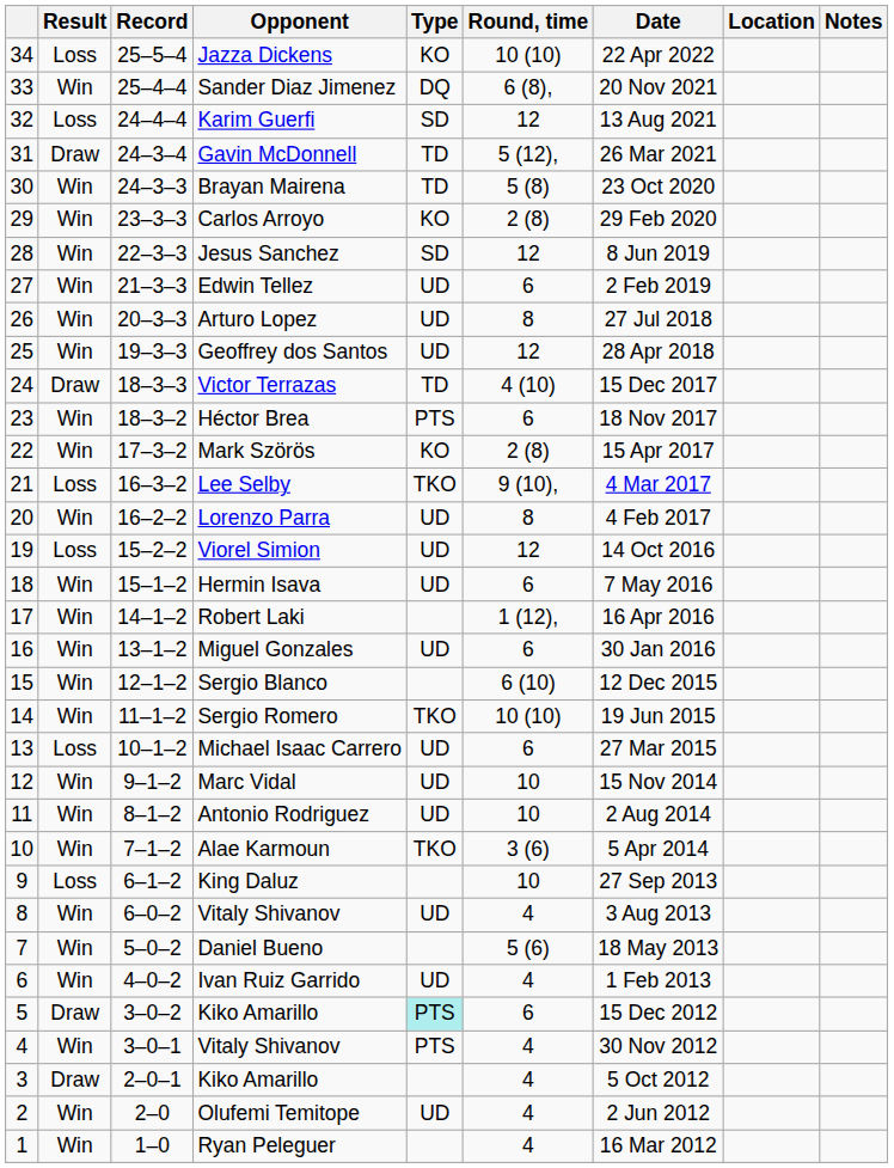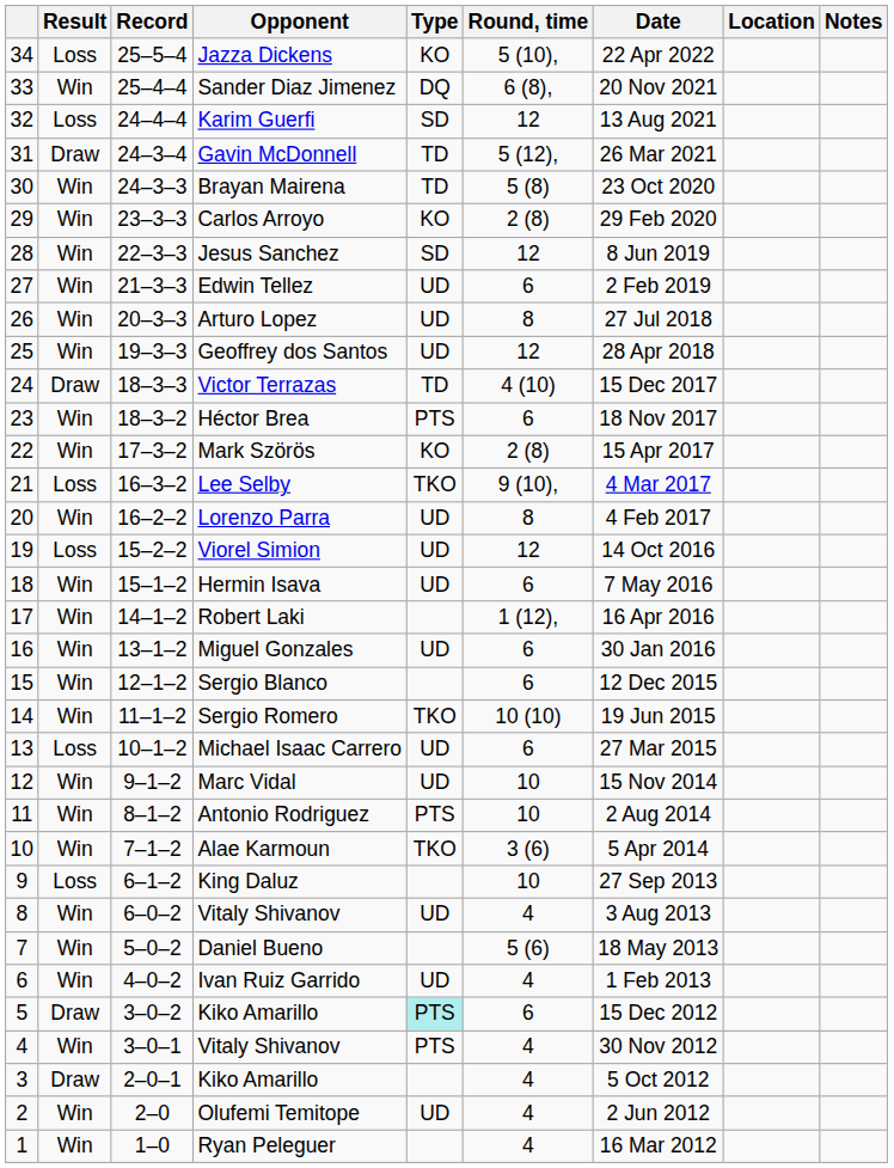 <table class="wikitable" style="text-align:center">
 <tr>
 <th></th>
 <th>Result</th>
 <th>Record</th>
 <th>Opponent</th>
 <th>Type</th>
 <th>Round, time</th>
 <th>Date</th>
 <th>Location</th>
 <th>Notes</th>
 </tr>
 <tr>
 <td>34</td>
 <td>Loss</td>
 <td>25–5–4</td>
 <td align=left><a href='#'>Jazza Dickens</a></td>
 <td>KO</td>
-<td>10 (10)</td>
+<td>5 (10), </td>
 <td>22 Apr 2022</td>
 <td align=left></td>
 <td></td>
 </tr>
 <tr>
 <td>33</td>
 <td>Win</td>
 <td>25–4–4</td>
 <td align=left>Sander Diaz Jimenez</td>
 <td>DQ</td>
 <td>6 (8), </td>
 <td>20 Nov 2021</td>
 <td align=left></td>
 <td></td>
 </tr>
 <tr>
 <td>32</td>
 <td>Loss</td>
 <td>24–4–4</td>
 <td align=left><a href='#'>Karim Guerfi</a></td>
 <td>SD</td>
 <td>12</td>
 <td>13 Aug 2021</td>
 <td align=left></td>
 <td align=left></td>
 </tr>
 <tr>
 <td>31</td>
 <td>Draw</td>
 <td>24–3–4</td>
 <td align=left><a href='#'>Gavin McDonnell</a></td>
 <td>TD</td>
 <td>5 (12), </td>
 <td>26 Mar 2021</td>
 <td align=left></td>
 <td align=left></td>
 </tr>
 <tr>
 <td>30</td>
 <td>Win</td>
 <td>24–3–3</td>
 <td align=left>Brayan Mairena</td>
 <td>TD</td>
 <td>5 (8)</td>
 <td>23 Oct 2020</td>
 <td align=left></td>
 <td align=left></td>
 </tr>
 <tr>
 <td>29</td>
 <td>Win</td>
 <td>23–3–3</td>
 <td align=left>Carlos Arroyo</td>
 <td>KO</td>
 <td>2 (8)</td>
 <td>29 Feb 2020</td>
 <td align=left></td>
 <td></td>
 </tr>
 <tr>
 <td>28</td>
 <td>Win</td>
 <td>22–3–3</td>
 <td align=left>Jesus Sanchez</td>
 <td>SD</td>
 <td>12</td>
 <td>8 Jun 2019</td>
 <td align=left></td>
 <td align=left></td>
 </tr>
 <tr>
 <td>27</td>
 <td>Win</td>
 <td>21–3–3</td>
 <td align=left>Edwin Tellez</td>
 <td>UD</td>
 <td>6</td>
 <td>2 Feb 2019</td>
 <td align=left></td>
 <td></td>
 </tr>
 <tr>
 <td>26</td>
 <td>Win</td>
 <td>20–3–3</td>
 <td align=left>Arturo Lopez</td>
 <td>UD</td>
 <td>8</td>
 <td>27 Jul 2018</td>
 <td align=left></td>
 <td></td>
 </tr>
 <tr>
 <td>25</td>
 <td>Win</td>
 <td>19–3–3</td>
 <td align=left>Geoffrey dos Santos</td>
 <td>UD</td>
 <td>12</td>
 <td>28 Apr 2018</td>
 <td align=left></td>
 <td align=left></td>
 </tr>
 <tr>
 <td>24</td>
 <td>Draw</td>
 <td>18–3–3</td>
 <td align=left><a href='#'>Victor Terrazas</a></td>
 <td>TD</td>
 <td>4 (10)</td>
 <td>15 Dec 2017</td>
 <td align=left></td>
 <td align=left></td>
 </tr>
 <tr>
 <td>23</td>
 <td>Win</td>
 <td>18–3–2</td>
 <td align=left>Héctor Brea</td>
 <td>PTS</td>
 <td>6</td>
 <td>18 Nov 2017</td>
 <td align=left></td>
 <td></td>
 </tr>
 <tr>
 <td>22</td>
 <td>Win</td>
 <td>17–3–2</td>
 <td align=left>Mark Szörös</td>
 <td>KO</td>
 <td>2 (8)</td>
 <td>15 Apr 2017</td>
 <td align=left></td>
 <td></td>
 </tr>
 <tr>
 <td>21</td>
 <td>Loss</td>
 <td>16–3–2</td>
 <td align=left><a href='#'>Lee Selby</a></td>
 <td>TKO</td>
 <td>9 (10), </td>
 <td><a href='#'>4 Mar 2017</a></td>
 <td align=left></td>
 <td></td>
 </tr>
 <tr>
 <td>20</td>
 <td>Win</td>
 <td>16–2–2</td>
 <td align=left><a href='#'>Lorenzo Parra</a></td>
 <td>UD</td>
 <td>8</td>
 <td>4 Feb 2017</td>
 <td align=left></td>
 <td></td>
 </tr>
 <tr>
 <td>19</td>
 <td>Loss</td>
 <td>15–2–2</td>
 <td align=left><a href='#'>Viorel Simion</a></td>
 <td>UD</td>
 <td>12</td>
 <td>14 Oct 2016</td>
 <td align=left></td>
 <td align=left></td>
 </tr>
 <tr>
 <td>18</td>
 <td>Win</td>
 <td>15–1–2</td>
 <td align=left>Hermin Isava</td>
 <td>UD</td>
 <td>6</td>
 <td>7 May 2016</td>
 <td align=left></td>
 <td></td>
 </tr>
 <tr>
 <td>17</td>
 <td>Win</td>
 <td>14–1–2</td>
 <td align=left>Robert Laki</td>
 <td></td>
 <td>1 (12), </td>
 <td>16 Apr 2016</td>
 <td align=left></td>
 <td align=left></td>
 </tr>
 <tr>
 <td>16</td>
 <td>Win</td>
 <td>13–1–2</td>
 <td align=left>Miguel Gonzales</td>
 <td>UD</td>
 <td>6</td>
 <td>30 Jan 2016</td>
 <td align=left></td>
 <td></td>
 </tr>
 <tr>
 <td>15</td>
 <td>Win</td>
 <td>12–1–2</td>
 <td align=left>Sergio Blanco</td>
 <td></td>
-<td>6 (10)</td>
+<td>6</td>
 <td>12 Dec 2015</td>
 <td align=left></td>
 <td align=left></td>
 </tr>
 <tr>
 <td>14</td>
 <td>Win</td>
 <td>11–1–2</td>
 <td align=left>Sergio Romero</td>
 <td>TKO</td>
 <td>10 (10)</td>
 <td>19 Jun 2015</td>
 <td align=left></td>
 <td align=left></td>
 </tr>
 <tr>
 <td>13</td>
 <td>Loss</td>
 <td>10–1–2</td>
 <td align=left>Michael Isaac Carrero</td>
 <td>UD</td>
 <td>6</td>
 <td>27 Mar 2015</td>
 <td align=left></td>
 <td></td>
 </tr>
 <tr>
 <td>12</td>
 <td>Win</td>
 <td>9–1–2</td>
 <td align=left>Marc Vidal</td>
 <td>UD</td>
 <td>10</td>
 <td>15 Nov 2014</td>
 <td align=left></td>
 <td align=left></td>
 </tr>
 <tr>
 <td>11</td>
 <td>Win</td>
 <td>8–1–2</td>
 <td align=left>Antonio Rodriguez</td>
-<td>UD</td>
+<td>PTS</td>
 <td>10</td>
 <td>2 Aug 2014</td>
 <td align=left></td>
 <td align=left></td>
 </tr>
 <tr>
 <td>10</td>
 <td>Win</td>
 <td>7–1–2</td>
 <td align=left>Alae Karmoun</td>
 <td>TKO</td>
 <td>3 (6)</td>
 <td>5 Apr 2014</td>
 <td align=left></td>
 <td></td>
 </tr>
 <tr>
 <td>9</td>
 <td>Loss</td>
 <td>6–1–2</td>
 <td align=left>King Daluz</td>
 <td></td>
 <td>10</td>
 <td>27 Sep 2013</td>
 <td align=left></td>
 <td></td>
 </tr>
 <tr>
 <td>8</td>
 <td>Win</td>
 <td>6–0–2</td>
 <td align=left>Vitaly Shivanov</td>
 <td>UD</td>
 <td>4</td>
 <td>3 Aug 2013</td>
 <td align=left></td>
 <td></td>
 </tr>
 <tr>
 <td>7</td>
 <td>Win</td>
 <td>5–0–2</td>
 <td align=left>Daniel Bueno</td>
 <td></td>
 <td>5 (6)</td>
 <td>18 May 2013</td>
 <td align=left></td>
 <td></td>
 </tr>
 <tr>
 <td>6</td>
 <td>Win</td>
 <td>4–0–2</td>
 <td align=left>Ivan Ruiz Garrido</td>
 <td>UD</td>
 <td>4</td>
 <td>1 Feb 2013</td>
 <td align=left></td>
 <td></td>
 </tr>
 <tr>
 <td>5</td>
 <td>Draw</td>
 <td>3–0–2</td>
 <td align=left>Kiko Amarillo</td>
 <td style="background: paleturquoise;">PTS</td>
 <td>6</td>
 <td>15 Dec 2012</td>
 <td align=left></td>
 <td></td>
 </tr>
 <tr>
 <td>4</td>
 <td>Win</td>
 <td>3–0–1</td>
 <td align=left>Vitaly Shivanov</td>
 <td>PTS</td>
 <td>4</td>
 <td>30 Nov 2012</td>
 <td align=left></td>
 <td></td>
 </tr>
 <tr>
 <td>3</td>
 <td>Draw</td>
 <td>2–0–1</td>
 <td align=left>Kiko Amarillo</td>
 <td></td>
 <td>4</td>
 <td>5 Oct 2012</td>
 <td align=left></td>
 <td></td>
 </tr>
 <tr>
 <td>2</td>
 <td>Win</td>
 <td>2–0</td>
 <td align=left>Olufemi Temitope</td>
 <td>UD</td>
 <td>4</td>
 <td>2 Jun 2012</td>
 <td align=left></td>
 <td></td>
 </tr>
 <tr>
 <td>1</td>
 <td>Win</td>
 <td>1–0</td>
 <td align=left>Ryan Peleguer</td>
 <td></td>
 <td>4</td>
 <td>16 Mar 2012</td>
 <td align=left></td>
 <td></td>
 </tr>
 <tr>
 </tr>
 </table>
